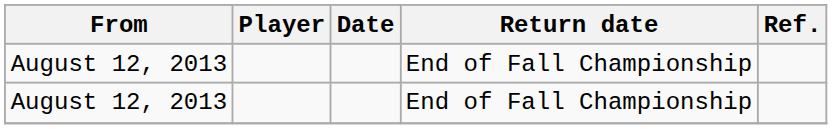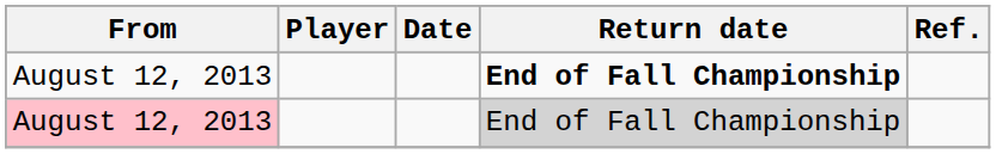 <table class="wikitable sortable">
 <tr>
 <th>From</th>
 <th>Player</th>
 <th>Date</th>
 <th>Return date</th>
 <th class=unsortable>Ref.</th>
 </tr>
 <tr>
 <td>August 12, 2013</td>
 <td></td>
 <td></td>
-<td>End of Fall Championship</td>
+<td><strong>End of Fall Championship</strong></td>
 <td align="center"></td>
 </tr>
 <tr>
-<td>August 12, 2013</td>
+<td style="background: pink;">August 12, 2013</td>
 <td></td>
 <td></td>
-<td>End of Fall Championship</td>
+<td style="background: lightgrey;">End of Fall Championship</td>
 <td align="center"></td>
 </tr>
 <tr>
 </tr>
 </table>
